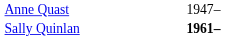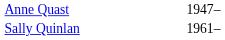 <table>
 <tr>
 <td style="width:210px"> <a href='#'>Anne Quast</a></td>
 <td>1947–</td>
 </tr>
 <tr>
 <td> <a href='#'>Sally Quinlan</a></td>
-<td><strong>1961–</strong></td>
+<td>1961–</td>
 </tr>
 </table>
